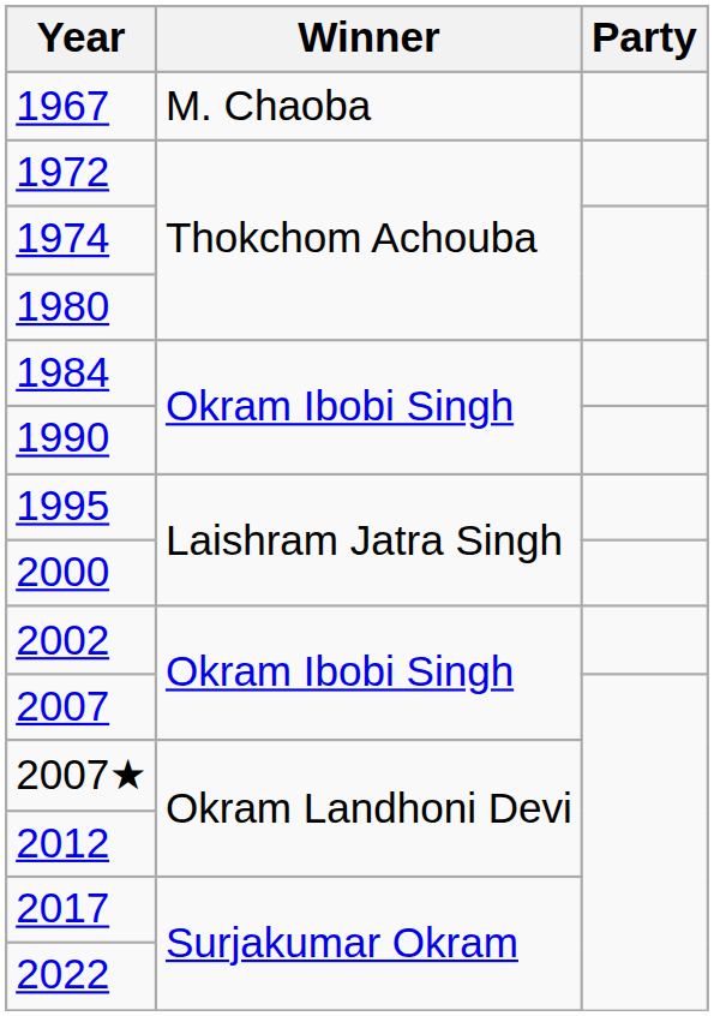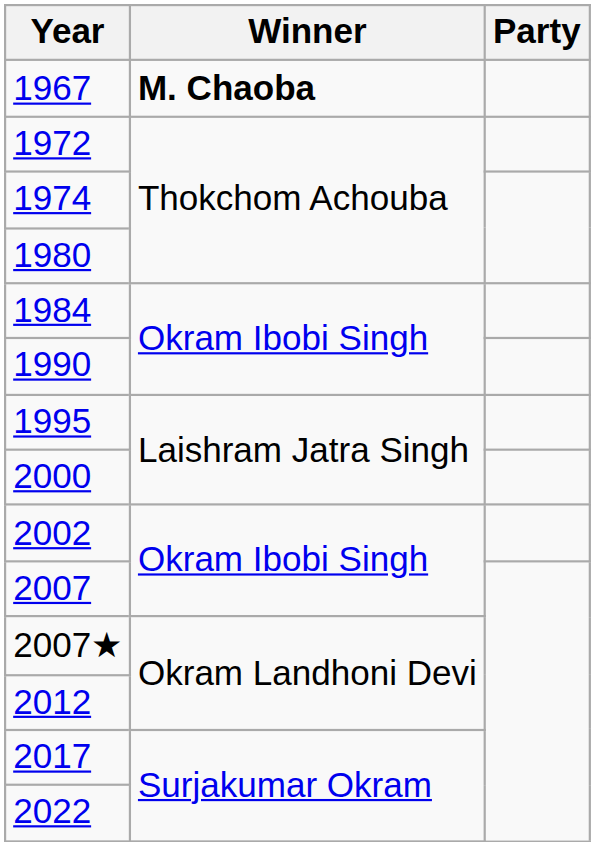 <table class="wikitable sortable">
 <tr>
 <th>Year</th>
 <th>Winner</th>
 <th colspan="2">Party</th>
 </tr>
 <tr>
 <td><a href='#'>1967</a></td>
-<td>M. Chaoba</td>
+<td><strong>M. Chaoba</strong></td>
 <td></td>
 </tr>
 <tr>
 <td><a href='#'>1972</a></td>
 <td rowspan=3>Thokchom Achouba</td>
 <td></td>
 </tr>
 <tr>
 <td><a href='#'>1974</a></td>
 </tr>
 <tr>
 <td><a href='#'>1980</a></td>
 </tr>
 <tr>
 <td><a href='#'>1984</a></td>
 <td rowspan=2><a href='#'>Okram Ibobi Singh</a></td>
 <td></td>
 </tr>
 <tr>
 <td><a href='#'>1990</a></td>
 <td></td>
 </tr>
 <tr>
 <td><a href='#'>1995</a></td>
 <td rowspan=2>Laishram Jatra Singh</td>
 <td></td>
 </tr>
 <tr>
 <td><a href='#'>2000</a></td>
 </tr>
 <tr>
 <td><a href='#'>2002</a></td>
 <td rowspan=2><a href='#'>Okram Ibobi Singh</a></td>
 <td></td>
 </tr>
 <tr>
 <td><a href='#'>2007</a></td>
 </tr>
 <tr>
 <td>2007★</td>
 <td rowspan=2>Okram Landhoni Devi</td>
 </tr>
 <tr>
 <td><a href='#'>2012</a></td>
 </tr>
 <tr>
 <td><a href='#'>2017</a></td>
 <td rowspan=2><a href='#'>Surjakumar Okram</a></td>
 </tr>
 <tr>
 <td><a href='#'>2022</a></td>
 </tr>
 <tr>
 </tr>
 </table>
